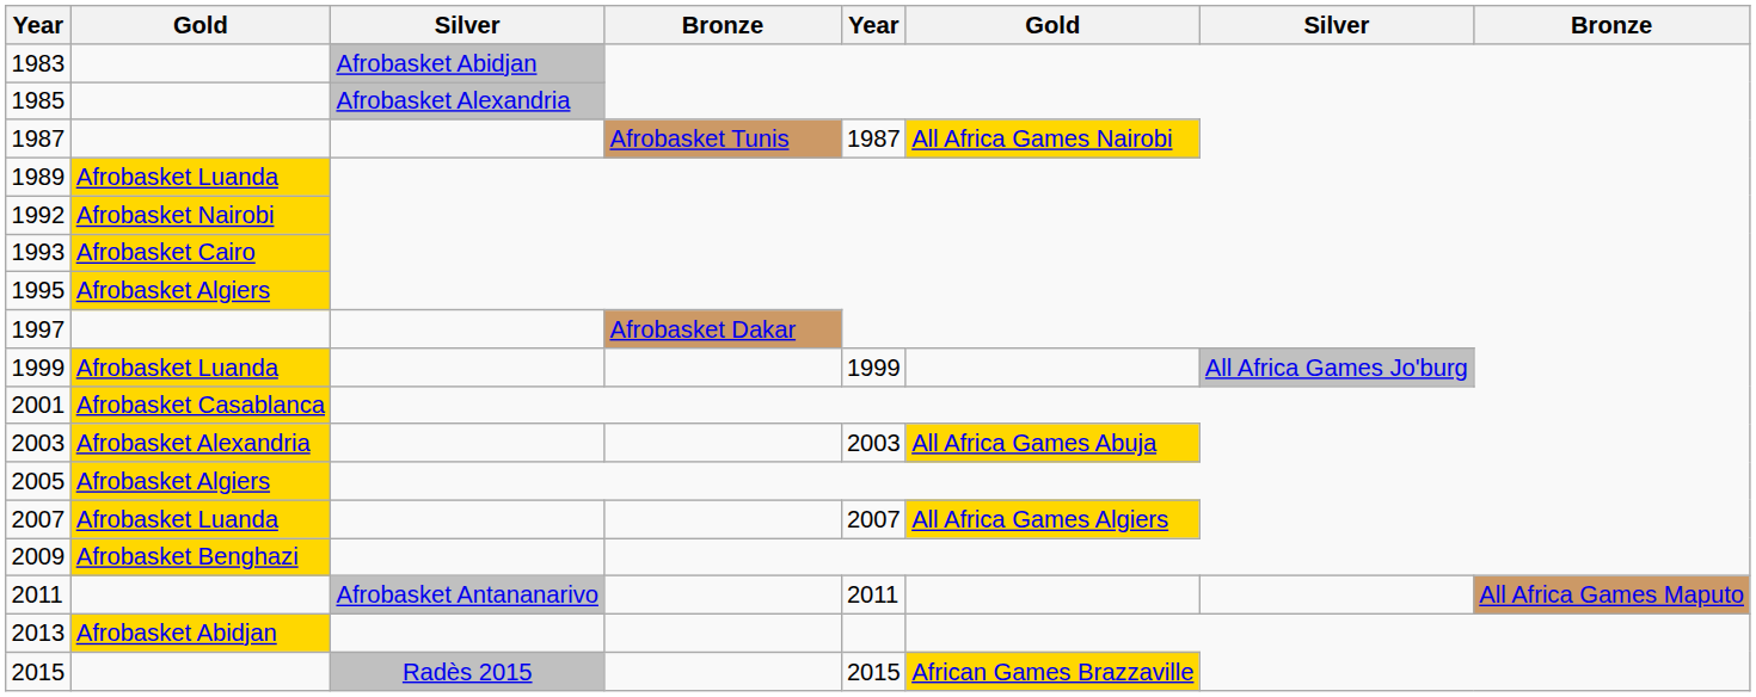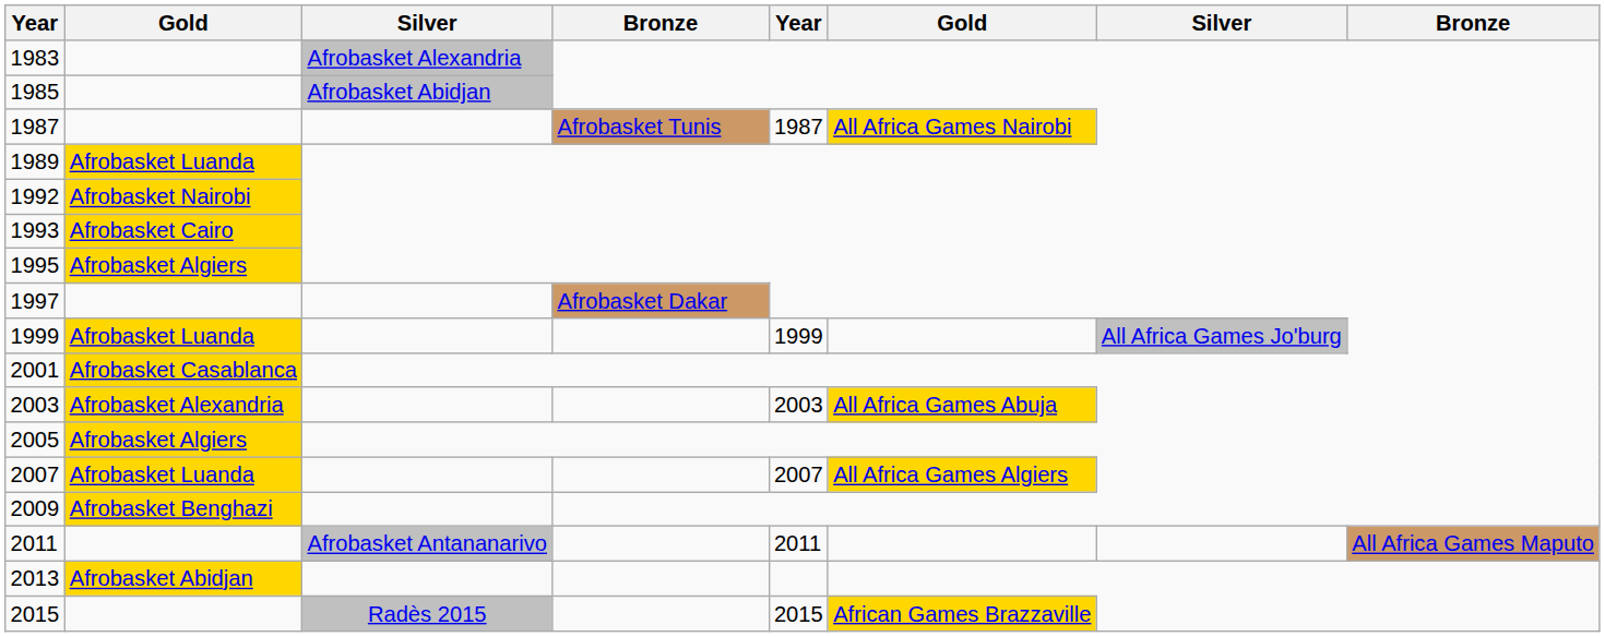 <table class="wikitable" style="font-size:90%;">
 <tr>
 <th>Year</th>
 <th>Gold</th>
 <th>Silver</th>
 <th style="width:135px;">Bronze</th>
 <th>Year</th>
 <th>Gold</th>
 <th>Silver</th>
 <th>Bronze</th>
 </tr>
 <tr>
 <td>1983</td>
 <td></td>
-<td style="background:silver;"><a href='#'>Afrobasket Abidjan</a></td>
+<td style="background:silver;"><a href='#'>Afrobasket Alexandria</a></td>
 </tr>
 <tr>
 <td>1985</td>
 <td></td>
-<td style="background:silver;"><a href='#'>Afrobasket Alexandria</a></td>
+<td style="background:silver;"><a href='#'>Afrobasket Abidjan</a></td>
 </tr>
 <tr>
 <td>1987</td>
 <td></td>
 <td></td>
 <td style="background:#c96;"><a href='#'>Afrobasket Tunis</a></td>
 <td>1987</td>
 <td style="background:gold;"><a href='#'>All Africa Games Nairobi</a></td>
 </tr>
 <tr>
 <td>1989</td>
 <td style="background:gold;"><a href='#'>Afrobasket Luanda</a></td>
 </tr>
 <tr>
 <td>1992</td>
 <td style="background:gold;"><a href='#'>Afrobasket Nairobi</a></td>
 </tr>
 <tr>
 <td>1993</td>
 <td style="background:gold;"><a href='#'>Afrobasket Cairo</a></td>
 </tr>
 <tr>
 <td>1995</td>
 <td style="background:gold;"><a href='#'>Afrobasket Algiers</a></td>
 </tr>
 <tr>
 <td>1997</td>
 <td></td>
 <td></td>
 <td style="background:#c96;"><a href='#'>Afrobasket Dakar</a></td>
 </tr>
 <tr>
 <td>1999</td>
 <td style="background:gold;"><a href='#'>Afrobasket Luanda</a></td>
 <td></td>
 <td></td>
 <td>1999</td>
 <td></td>
 <td style="background:silver;"><a href='#'>All Africa Games Jo'burg</a></td>
 </tr>
 <tr>
 <td>2001</td>
 <td style="background:gold;"><a href='#'>Afrobasket Casablanca</a></td>
 </tr>
 <tr>
 <td>2003</td>
 <td style="background:gold;"><a href='#'>Afrobasket Alexandria</a></td>
 <td></td>
 <td></td>
 <td>2003</td>
 <td style="background:gold;"><a href='#'>All Africa Games Abuja</a></td>
 </tr>
 <tr>
 <td>2005</td>
 <td style="background:gold;"><a href='#'>Afrobasket Algiers</a></td>
 </tr>
 <tr>
 <td>2007</td>
 <td style="background:gold;"><a href='#'>Afrobasket Luanda</a></td>
 <td></td>
 <td></td>
 <td>2007</td>
 <td style="background:gold;"><a href='#'>All Africa Games Algiers</a></td>
 </tr>
 <tr>
 <td>2009</td>
 <td style="background:gold;"><a href='#'>Afrobasket Benghazi</a></td>
 <td></td>
 </tr>
 <tr>
 <td>2011</td>
 <td></td>
 <td style="background:silver;"><a href='#'>Afrobasket Antananarivo</a></td>
 <td></td>
 <td>2011</td>
 <td></td>
 <td></td>
 <td style="background:#c96;"><a href='#'>All Africa Games Maputo</a></td>
 </tr>
 <tr>
 <td>2013</td>
 <td style="background:gold;"><a href='#'>Afrobasket Abidjan</a></td>
 <td></td>
 <td></td>
 <td></td>
 </tr>
 <tr align=center>
 <td>2015</td>
 <td></td>
 <td style="background:silver;"><a href='#'>Radès 2015</a></td>
 <td></td>
 <td>2015</td>
 <td style="background:gold;"><a href='#'>African Games Brazzaville</a></td>
 </tr>
 </table>
